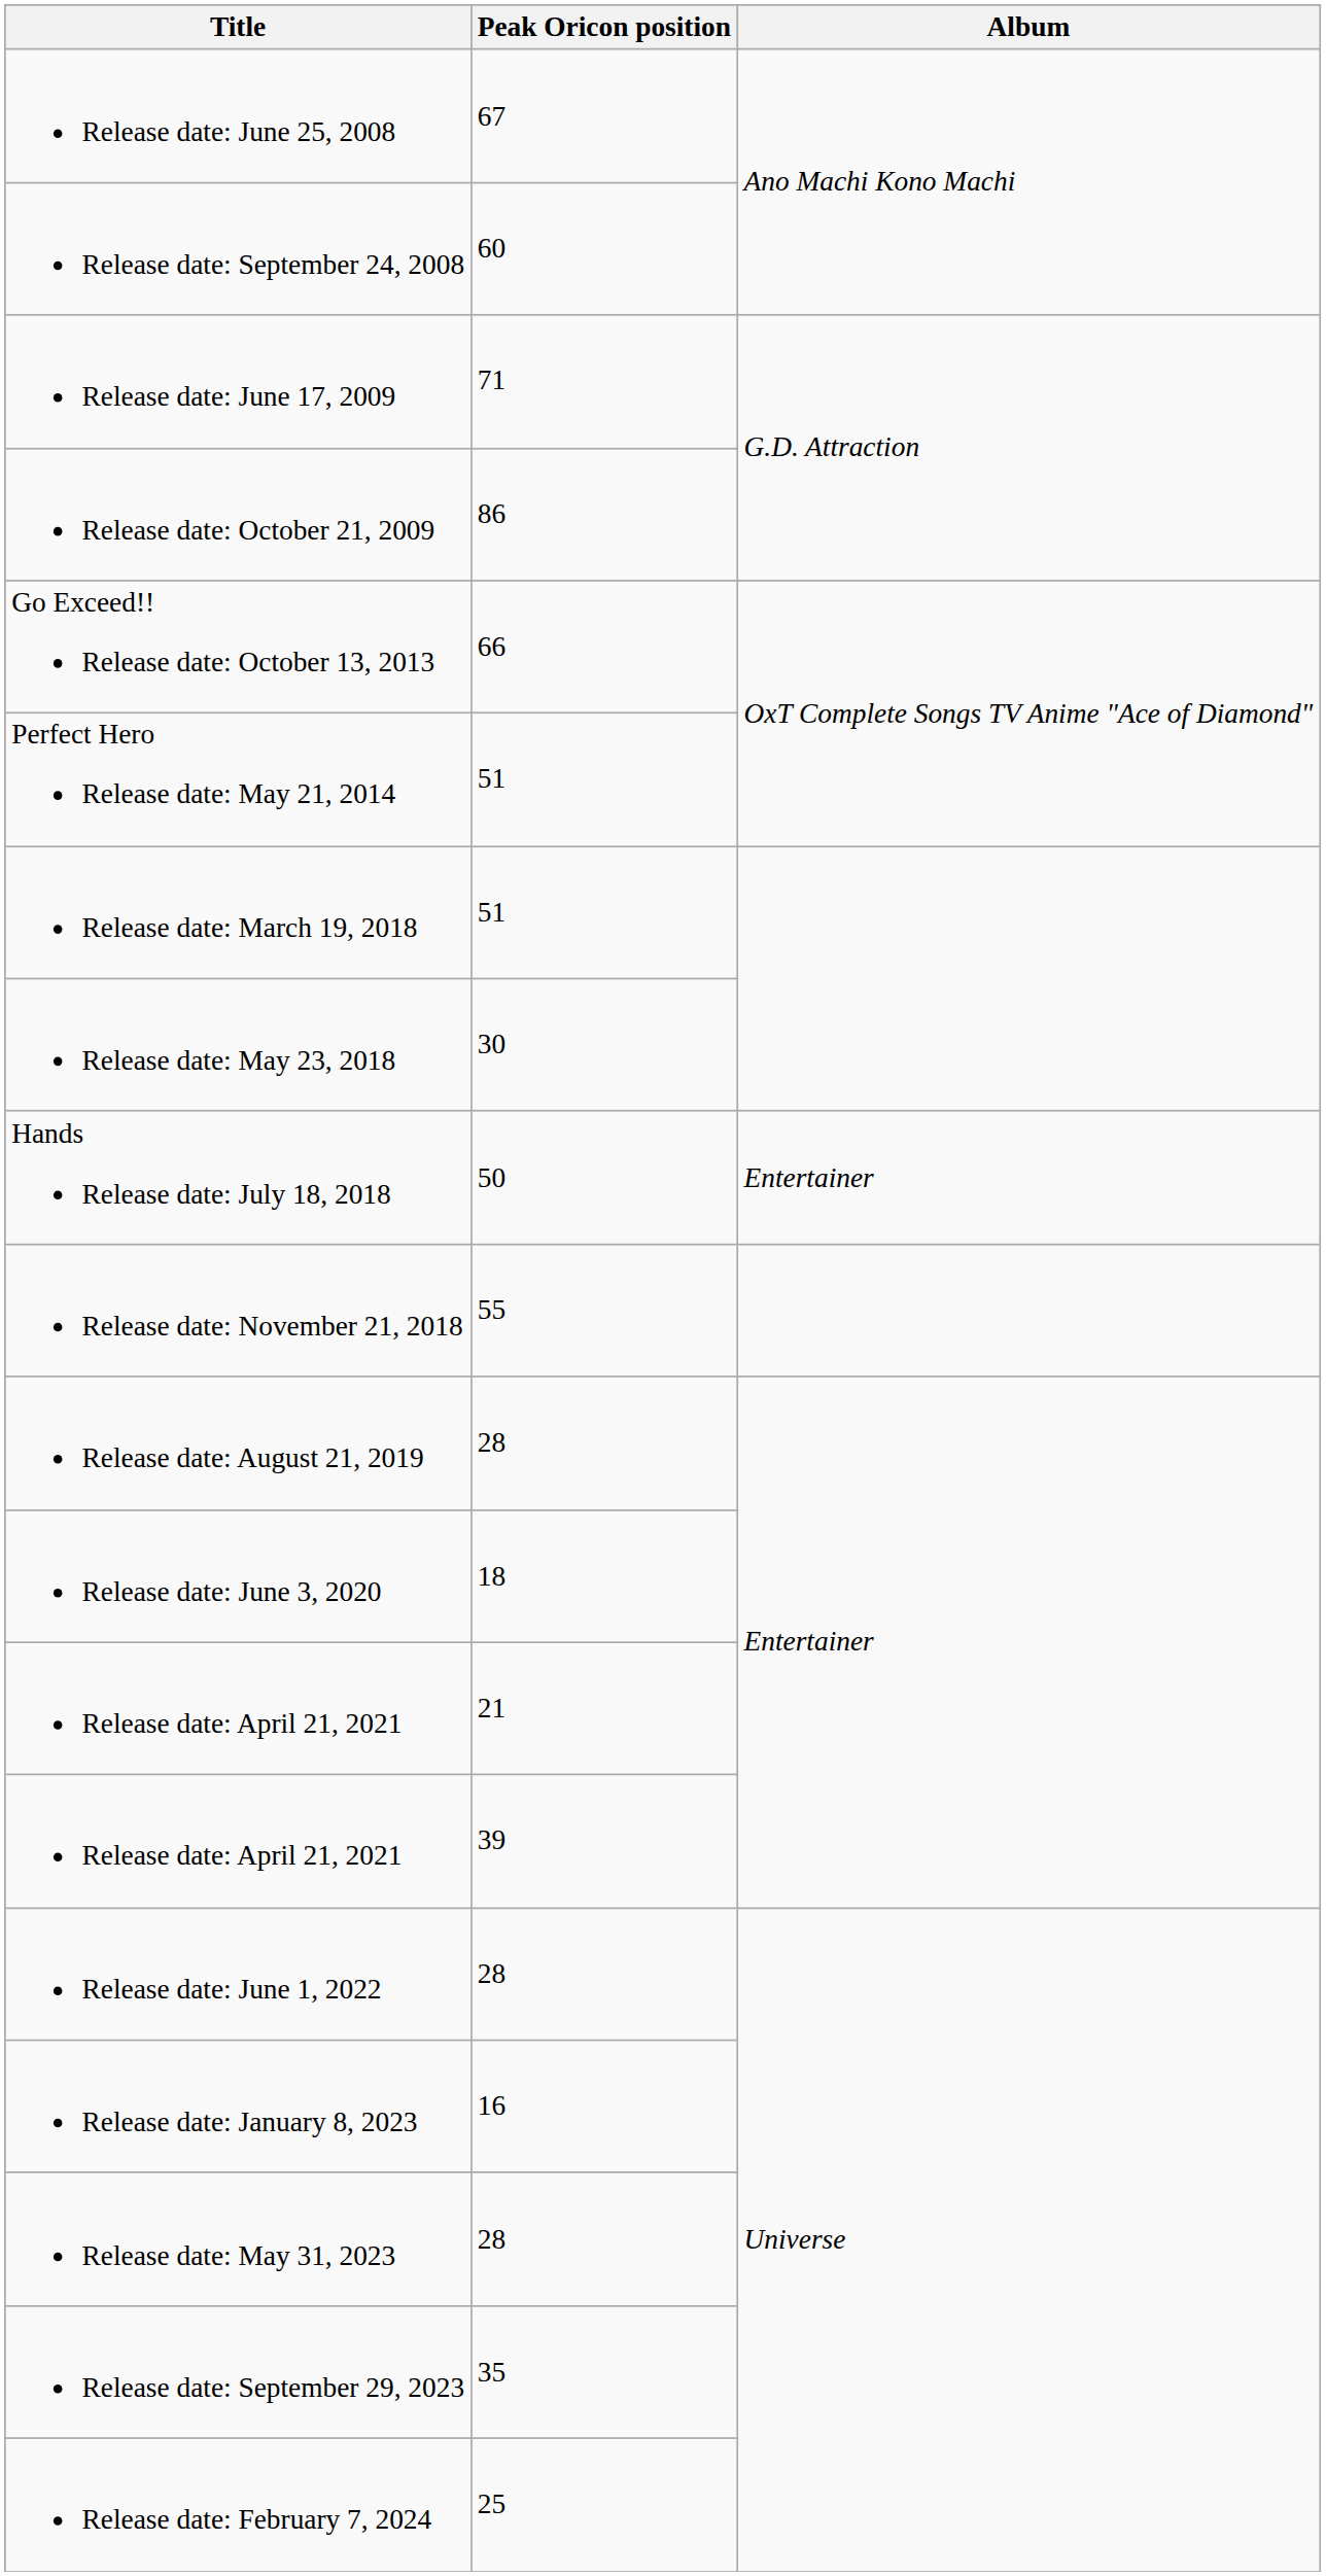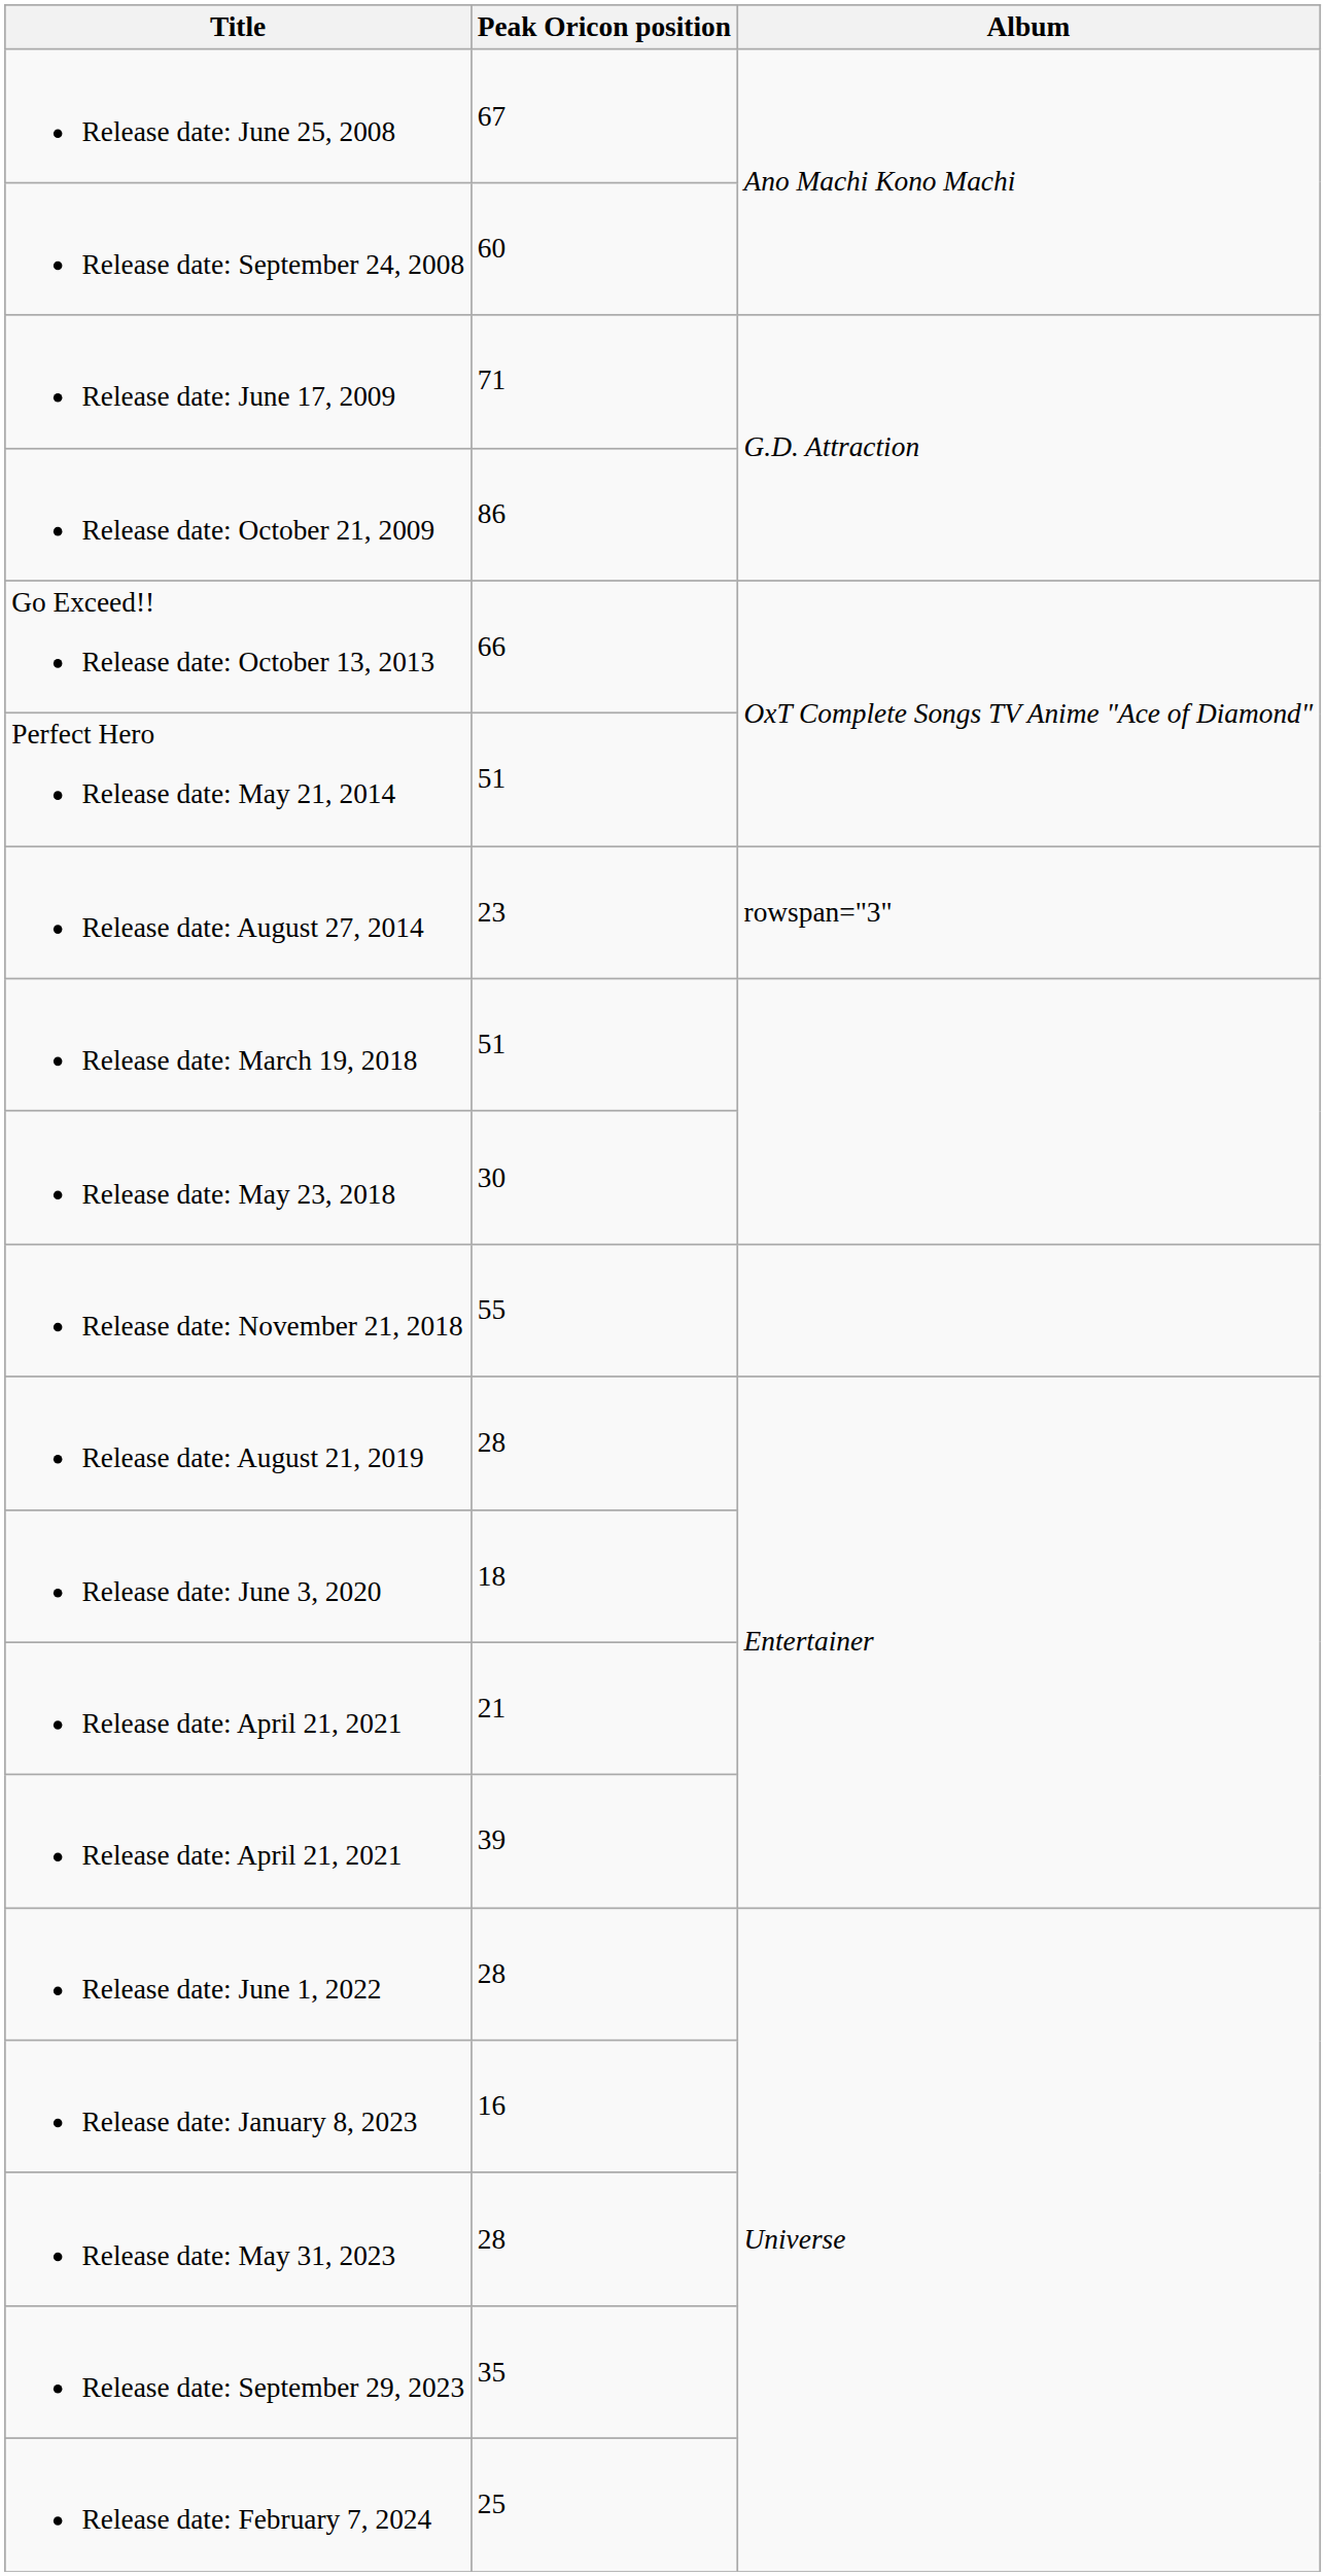 <table class="wikitable">
 <tr>
 <th>Title</th>
 <th>Peak Oricon position</th>
 <th>Album</th>
 </tr>
 <tr>
 <td><br><ul><li>Release date: June 25, 2008</li></ul></td>
 <td>67</td>
 <td rowspan="2"><em>Ano Machi Kono Machi</em></td>
 </tr>
 <tr>
 <td><br><ul><li>Release date: September 24, 2008</li></ul></td>
 <td>60</td>
 </tr>
 <tr>
 <td><br><ul><li>Release date: June 17, 2009</li></ul></td>
 <td>71</td>
 <td rowspan="2"><em>G.D. Attraction</em></td>
 </tr>
 <tr>
 <td><br><ul><li>Release date: October 21, 2009</li></ul></td>
 <td>86</td>
 </tr>
 <tr>
 <td>Go Exceed!!<br><ul><li>Release date: October 13, 2013</li></ul></td>
 <td>66</td>
 <td rowspan="2"><em>OxT Complete Songs TV Anime "Ace of Diamond"</em></td>
 </tr>
 <tr>
 <td>Perfect Hero<br><ul><li>Release date: May 21, 2014</li></ul></td>
 <td>51</td>
 </tr>
 <tr>
+<td><br><ul><li>Release date: August 27, 2014</li></ul></td>
+<td>23</td>
+<td>rowspan="3" </td>
+</tr>
+<tr>
 <td><br><ul><li>Release date: March 19, 2018</li></ul></td>
 <td>51</td>
 </tr>
 <tr>
 <td><br><ul><li>Release date: May 23, 2018</li></ul></td>
 <td>30</td>
-</tr>
-<tr>
-<td>Hands<br><ul><li>Release date: July 18, 2018</li></ul></td>
-<td>50</td>
-<td><em>Entertainer</em></td>
 </tr>
 <tr>
 <td><br><ul><li>Release date: November 21, 2018</li></ul></td>
 <td>55</td>
 <td></td>
 </tr>
 <tr>
 <td><br><ul><li>Release date: August 21, 2019</li></ul></td>
 <td>28</td>
 <td rowspan="4"><em>Entertainer</em></td>
 </tr>
 <tr>
 <td><br><ul><li>Release date: June 3, 2020</li></ul></td>
 <td>18</td>
 </tr>
 <tr>
 <td><br><ul><li>Release date: April 21, 2021</li></ul></td>
 <td>21</td>
 </tr>
 <tr>
 <td><br><ul><li>Release date: April 21, 2021</li></ul></td>
 <td>39</td>
 </tr>
 <tr>
 <td><br><ul><li>Release date: June 1, 2022</li></ul></td>
 <td>28</td>
 <td rowspan="5"><em>Universe</em></td>
 </tr>
 <tr>
 <td><br><ul><li>Release date: January 8, 2023</li></ul></td>
 <td>16</td>
 </tr>
 <tr>
 <td><br><ul><li>Release date: May 31, 2023</li></ul></td>
 <td>28</td>
 </tr>
 <tr>
 <td><br><ul><li>Release date: September 29, 2023</li></ul></td>
 <td>35</td>
 </tr>
 <tr>
 <td><br><ul><li>Release date: February 7, 2024</li></ul></td>
 <td>25</td>
 </tr>
 </table>
